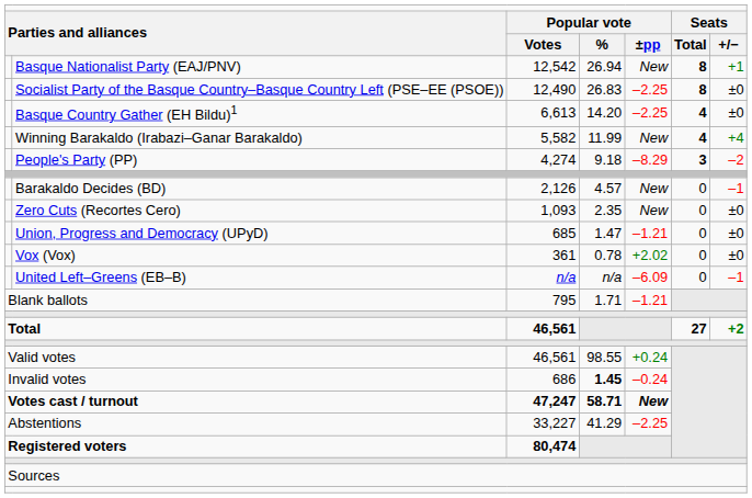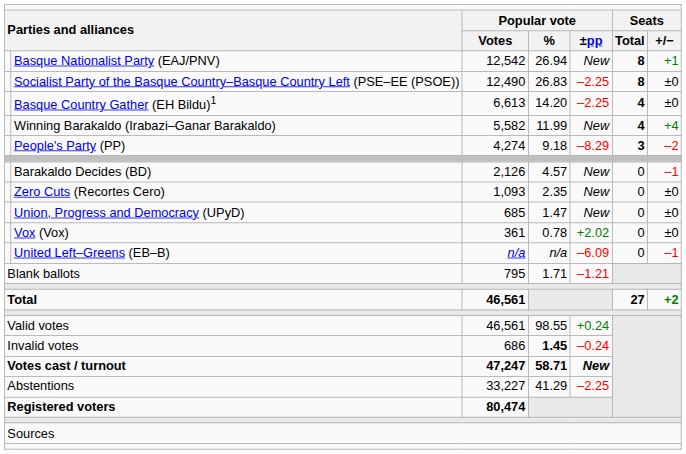 <table class="wikitable" style="text-align:right;">
 <tr>
 <td colspan="7"></td>
 </tr>
 <tr>
 <th style="text-align:left;" rowspan="2" colspan="2" width="525">Parties and alliances</th>
 <th colspan="3">Popular vote</th>
 <th colspan="2">Seats</th>
 </tr>
 <tr>
 <th width="75">Votes</th>
 <th width="45">%</th>
 <th width="45">±<a href='#'>pp</a></th>
 <th width="35">Total</th>
 <th width="35">+/−</th>
 </tr>
 <tr>
 <td width="1" style="color:inherit;background:"></td>
 <td align="left"><a href='#'>Basque Nationalist Party</a> (EAJ/PNV)</td>
 <td>12,542</td>
 <td>26.94</td>
 <td><em>New</em></td>
 <td><strong>8</strong></td>
 <td style="color:green;">+1</td>
 </tr>
 <tr>
 <td style="color:inherit;background:"></td>
 <td align="left"><a href='#'>Socialist Party of the Basque Country–Basque Country Left</a> (PSE–EE (PSOE))</td>
 <td>12,490</td>
 <td>26.83</td>
 <td style="color:red;">–2.25</td>
 <td><strong>8</strong></td>
 <td>±0</td>
 </tr>
 <tr>
 <td style="color:inherit;background:"></td>
 <td align="left"><a href='#'>Basque Country Gather</a> (EH Bildu)<sup>1</sup></td>
 <td>6,613</td>
 <td>14.20</td>
 <td style="color:red;">–2.25</td>
 <td><strong>4</strong></td>
 <td>±0</td>
 </tr>
 <tr>
 <td style="color:inherit;background:"></td>
 <td align="left">Winning Barakaldo (Irabazi–Ganar Barakaldo)</td>
 <td>5,582</td>
 <td>11.99</td>
 <td><em>New</em></td>
 <td><strong>4</strong></td>
 <td style="color:green;">+4</td>
 </tr>
 <tr>
 <td style="color:inherit;background:"></td>
 <td align="left"><a href='#'>People's Party</a> (PP)</td>
 <td>4,274</td>
 <td>9.18</td>
 <td style="color:red;">–8.29</td>
 <td><strong>3</strong></td>
 <td style="color:red;">–2</td>
 </tr>
 <tr>
 <td colspan="7" bgcolor="#C0C0C0"></td>
 </tr>
 <tr>
 <td style="color:inherit;background:"></td>
 <td align="left">Barakaldo Decides (BD)</td>
 <td>2,126</td>
 <td>4.57</td>
 <td><em>New</em></td>
 <td>0</td>
 <td style="color:red;">–1</td>
 </tr>
 <tr>
 <td style="color:inherit;background:"></td>
 <td align="left"><a href='#'>Zero Cuts</a> (Recortes Cero)</td>
 <td>1,093</td>
 <td>2.35</td>
 <td><em>New</em></td>
 <td>0</td>
 <td>±0</td>
 </tr>
 <tr>
 <td style="color:inherit;background:"></td>
 <td align="left"><a href='#'>Union, Progress and Democracy</a> (UPyD)</td>
 <td>685</td>
 <td>1.47</td>
-<td style="color:red;">–1.21</td>
+<td><em>New</em></td>
 <td>0</td>
 <td>±0</td>
 </tr>
 <tr>
 <td style="color:inherit;background:"></td>
 <td align="left"><a href='#'>Vox</a> (Vox)</td>
 <td>361</td>
 <td>0.78</td>
 <td style="color:green;">+2.02</td>
 <td>0</td>
 <td>±0</td>
 </tr>
 <tr>
 <td style="color:inherit;background:"></td>
 <td align="left"><a href='#'>United Left–Greens</a> (EB–B)</td>
 <td><em><a href='#'>n/a</a></em></td>
 <td><em>n/a</em></td>
 <td style="color:red;">–6.09</td>
 <td>0</td>
 <td style="color:red;">–1</td>
 </tr>
 <tr>
 <td align="left" colspan="2">Blank ballots</td>
 <td>795</td>
 <td>1.71</td>
 <td style="color:red;">–1.21</td>
 <td bgcolor="#E9E9E9" colspan="2"></td>
 </tr>
 <tr>
 <td colspan="7" bgcolor="#E9E9E9"></td>
 </tr>
 <tr style="font-weight:bold;">
 <td align="left" colspan="2">Total</td>
 <td>46,561</td>
 <td bgcolor="#E9E9E9" colspan="2"></td>
 <td>27</td>
 <td style="color:green;">+2</td>
 </tr>
 <tr>
 <td colspan="7" bgcolor="#E9E9E9"></td>
 </tr>
 <tr>
 <td align="left" colspan="2">Valid votes</td>
 <td>46,561</td>
 <td>98.55</td>
 <td style="color:green;">+0.24</td>
 <td bgcolor="#E9E9E9" colspan="2" rowspan="5"></td>
 </tr>
 <tr>
 <td align="left" colspan="2">Invalid votes</td>
 <td>686</td>
 <td><strong>1.45</strong></td>
 <td style="color:red;">–0.24</td>
 </tr>
 <tr style="font-weight:bold;">
 <td align="left" colspan="2">Votes cast / turnout</td>
 <td>47,247</td>
 <td>58.71</td>
 <td><em>New</em></td>
 </tr>
 <tr>
 <td align="left" colspan="2">Abstentions</td>
 <td>33,227</td>
 <td>41.29</td>
 <td style="color:red;">–2.25</td>
 </tr>
 <tr style="font-weight:bold;">
 <td align="left" colspan="2">Registered voters</td>
 <td>80,474</td>
 <td bgcolor="#E9E9E9" colspan="2"></td>
 </tr>
 <tr>
 <td colspan="7" bgcolor="#E9E9E9"></td>
 </tr>
 <tr>
 <td align="left" colspan="7">Sources</td>
 </tr>
 <tr>
 <td colspan="7" style="text-align:left; max-width:790px;"></td>
 </tr>
 </table>
